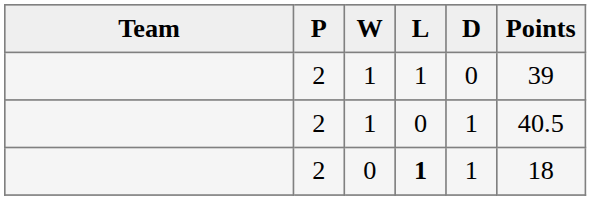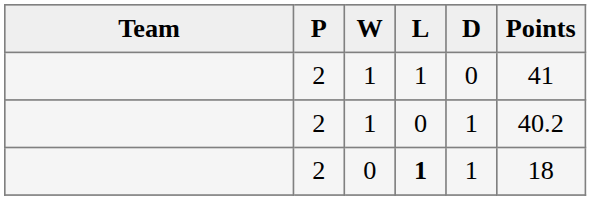 <table style=border-collapse:collapse border=1 cellspacing=0 cellpadding=5>
 <tr align=center bgcolor=#efefef>
 <th width=165>Team</th>
 <th width=20>P</th>
 <th width=20>W</th>
 <th width=20>L</th>
 <th width=20>D</th>
 <th width=20>Points</th>
 </tr>
 <tr align=center style="background:#f5f5f5;">
 <td style="text-align:left;"></td>
 <td>2</td>
 <td>1</td>
 <td>1</td>
 <td>0</td>
-<td>39</td>
+<td>41</td>
 </tr>
 <tr align=center style="background:#f5f5f5;">
 <td style="text-align:left;"></td>
 <td>2</td>
 <td>1</td>
 <td>0</td>
 <td>1</td>
-<td>40.5</td>
+<td>40.2</td>
 </tr>
 <tr align=center style="background:#f5f5f5;">
 <td style="text-align:left;"></td>
 <td>2</td>
 <td>0</td>
 <td><strong>1</strong></td>
 <td>1</td>
 <td>18</td>
 </tr>
 </table>
